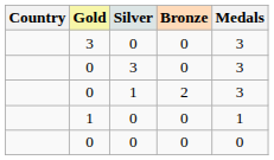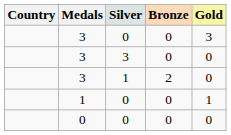 <table class="wikitable sortable" style="text-align: center;">
 <tr bgcolor="#efefef" align=center>
 <th align=left>Country</th>
-<th style="background-color: #F7F6A8;"> Gold</th>
+<th>Medals</th>
 <th style="background-color: #DCE5E5;"> Silver</th>
 <th style="background-color: #FFDAB9;"> Bronze</th>
-<th>Medals</th>
+<th style="background-color: #F7F6A8;"> Gold</th>
 </tr>
 <tr align=center>
 <td align=left></td>
 <td>3</td>
 <td>0</td>
 <td>0</td>
 <td>3</td>
 </tr>
 <tr align=center>
 <td align=left></td>
-<td>0</td>
+<td>3</td>
 <td>3</td>
 <td>0</td>
-<td>3</td>
+<td>0</td>
 </tr>
 <tr align=center>
 <td align=left></td>
-<td>0</td>
+<td>3</td>
 <td>1</td>
 <td>2</td>
-<td>3</td>
+<td>0</td>
 </tr>
 <tr align=center>
 <td align=left></td>
 <td>1</td>
 <td>0</td>
 <td>0</td>
 <td>1</td>
 </tr>
 <tr align=center>
 <td align=left></td>
 <td>0</td>
 <td>0</td>
 <td>0</td>
 <td>0</td>
 </tr>
 </table>
